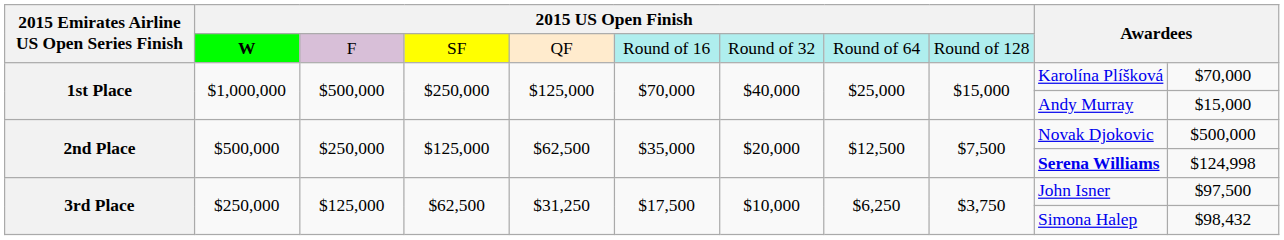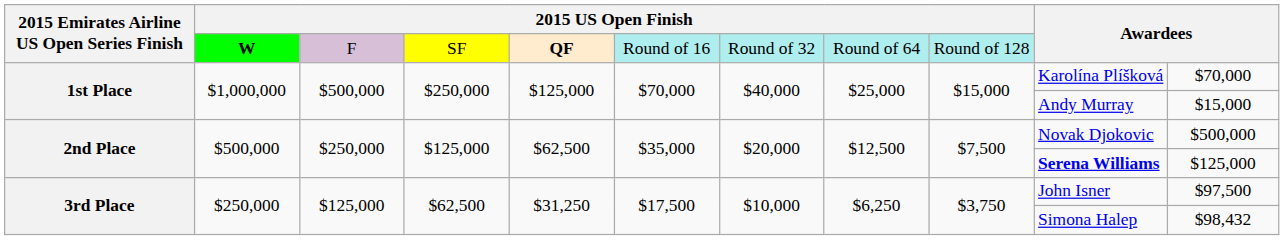 <table class=wikitable style=font-size:90%;text-align:center>
 <tr>
 <th rowspan=2>2015 Emirates Airline US Open Series Finish</th>
 <th colspan=8>2015 US Open Finish</th>
 <th rowspan=2 colspan=2>Awardees</th>
 </tr>
 <tr>
 <td style="width:80px; background:lime;"><strong>W</strong></td>
 <td style="width:80px; background:thistle;">F</td>
 <td style="width:80px; background:#ff0;">SF</td>
-<td style="width:80px; background:#ffebcd;">QF</td>
+<td style="width:80px; background:#ffebcd;"><strong>QF</strong></td>
 <td style="width:80px; background:#afeeee;">Round of 16</td>
 <td style="width:80px; background:#afeeee;">Round of 32</td>
 <td style="width:80px; background:#afeeee;">Round of 64</td>
 <td style="width:80px; background:#afeeee;">Round of 128</td>
 </tr>
 <tr>
 <th width=120 rowspan=2>1st Place</th>
 <td rowspan=2>$1,000,000</td>
 <td rowspan=2>$500,000</td>
 <td rowspan=2>$250,000</td>
 <td rowspan=2>$125,000</td>
 <td rowspan=2>$70,000</td>
 <td rowspan=2>$40,000</td>
 <td rowspan=2>$25,000</td>
 <td rowspan=2>$15,000</td>
 <td align=left> <a href='#'>Karolína Plíšková</a></td>
 <td width=85>$70,000</td>
 </tr>
 <tr>
 <td align=left> <a href='#'>Andy Murray</a></td>
 <td>$15,000</td>
 </tr>
 <tr>
 <th width=150 rowspan=2>2nd Place</th>
 <td rowspan=2>$500,000</td>
 <td rowspan=2>$250,000</td>
 <td rowspan=2>$125,000</td>
 <td rowspan=2>$62,500</td>
 <td rowspan=2>$35,000</td>
 <td rowspan=2>$20,000</td>
 <td rowspan=2>$12,500</td>
 <td rowspan=2>$7,500</td>
 <td align=left> <a href='#'>Novak Djokovic</a></td>
 <td>$500,000</td>
 </tr>
 <tr>
 <td align=left><strong> <a href='#'>Serena Williams</a></strong></td>
-<td>$124,998</td>
+<td>$125,000</td>
 </tr>
 <tr>
 <th width=120 rowspan=2>3rd Place</th>
 <td rowspan=2>$250,000</td>
 <td rowspan=2>$125,000</td>
 <td rowspan=2>$62,500</td>
 <td rowspan=2>$31,250</td>
 <td rowspan=2>$17,500</td>
 <td rowspan=2>$10,000</td>
 <td rowspan=2>$6,250</td>
 <td rowspan=2>$3,750</td>
 <td align=left> <a href='#'>John Isner</a></td>
 <td>$97,500</td>
 </tr>
 <tr>
 <td align=left> <a href='#'>Simona Halep</a></td>
 <td>$98,432</td>
 </tr>
 </table>
